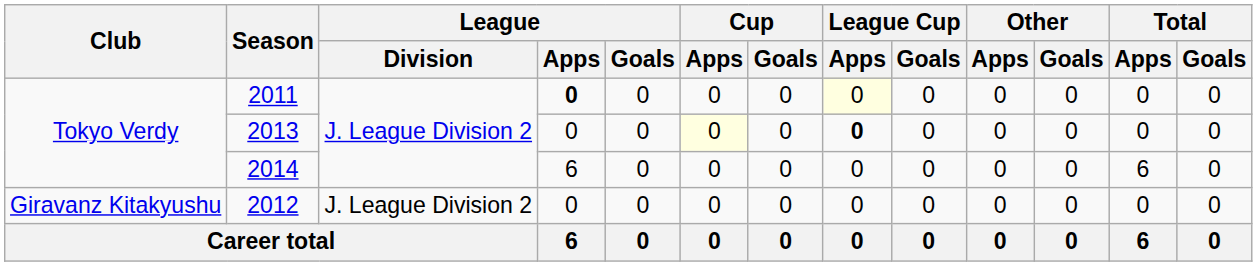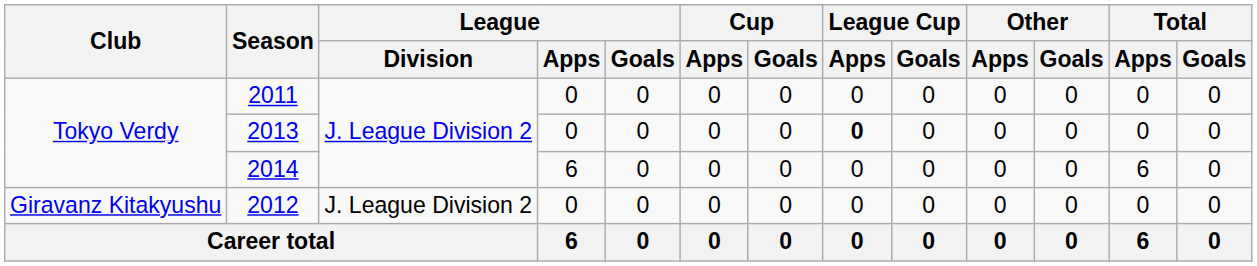 <table class="wikitable" style="text-align:center">
 <tr>
 <th rowspan="2">Club</th>
 <th rowspan="2">Season</th>
 <th colspan="3">League</th>
 <th colspan="2">Cup</th>
 <th colspan="2">League Cup</th>
 <th colspan="2">Other</th>
 <th colspan="2">Total</th>
 </tr>
 <tr>
 <th>Division</th>
 <th>Apps</th>
 <th>Goals</th>
 <th>Apps</th>
 <th>Goals</th>
 <th>Apps</th>
 <th>Goals</th>
 <th>Apps</th>
 <th>Goals</th>
 <th>Apps</th>
 <th>Goals</th>
 </tr>
 <tr>
 <td rowspan="3"><a href='#'>Tokyo Verdy</a></td>
 <td><a href='#'>2011</a></td>
 <td rowspan="3"><a href='#'>J. League Division 2</a></td>
-<td><strong>0</strong></td>
 <td>0</td>
 <td>0</td>
 <td>0</td>
-<td style="background: lightyellow;">0</td>
+<td>0</td>
+<td>0</td>
 <td>0</td>
 <td>0</td>
 <td>0</td>
 <td>0</td>
 <td>0</td>
 </tr>
 <tr>
 <td><a href='#'>2013</a></td>
 <td>0</td>
 <td>0</td>
-<td style="background: lightyellow;">0</td>
+<td>0</td>
 <td>0</td>
 <td><strong>0</strong></td>
 <td>0</td>
 <td>0</td>
 <td>0</td>
 <td>0</td>
 <td>0</td>
 </tr>
 <tr>
 <td><a href='#'>2014</a></td>
 <td>6</td>
 <td>0</td>
 <td>0</td>
 <td>0</td>
 <td>0</td>
 <td>0</td>
 <td>0</td>
 <td>0</td>
 <td>6</td>
 <td>0</td>
 </tr>
 <tr>
 <td rowspan="1"><a href='#'>Giravanz Kitakyushu</a></td>
 <td><a href='#'>2012</a></td>
 <td>J. League Division 2</td>
 <td>0</td>
 <td>0</td>
 <td>0</td>
 <td>0</td>
 <td>0</td>
 <td>0</td>
 <td>0</td>
 <td>0</td>
 <td>0</td>
 <td>0</td>
 </tr>
 <tr>
 <th colspan="3">Career total</th>
 <th>6</th>
 <th>0</th>
 <th>0</th>
 <th>0</th>
 <th>0</th>
 <th>0</th>
 <th>0</th>
 <th>0</th>
 <th>6</th>
 <th>0</th>
 </tr>
 </table>
